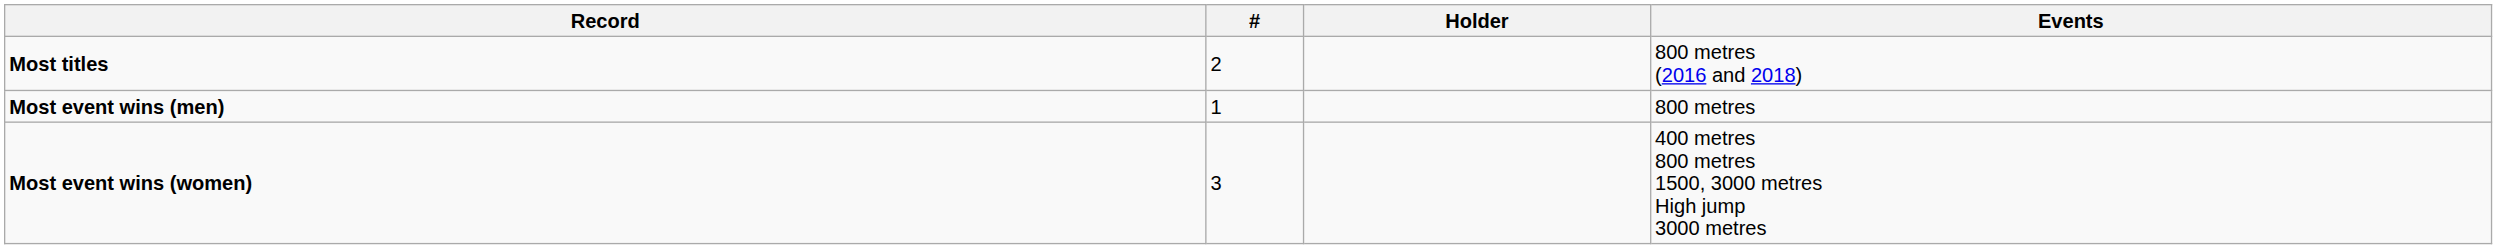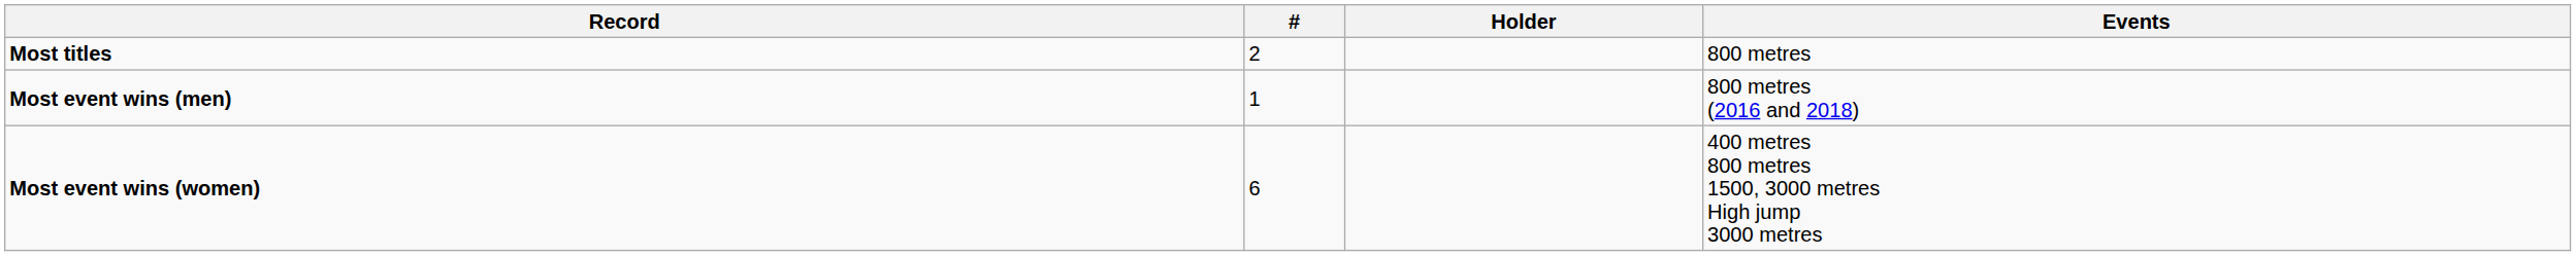 <table class="wikitable" style="font-size:95%; width: 95%">
 <tr>
 <th>Record</th>
 <th>#</th>
 <th>Holder</th>
 <th>Events</th>
 </tr>
 <tr>
 <td style="text-align:left"><strong>Most titles</strong></td>
 <td>2</td>
 <td></td>
-<td>800 metres<br>(<a href='#'>2016</a> and <a href='#'>2018</a>)</td>
+<td>800 metres</td>
 </tr>
 <tr>
 <td style="text-align:left"><strong>Most event wins (men)</strong></td>
 <td>1</td>
 <td></td>
-<td>800 metres</td>
+<td>800 metres<br>(<a href='#'>2016</a> and <a href='#'>2018</a>)</td>
 </tr>
 <tr>
 <td style="text-align:left"><strong>Most event wins (women)</strong></td>
-<td>3</td>
+<td>6</td>
 <td><br><br><br><br></td>
 <td>400 metres<br>800 metres<br>1500, 3000 metres<br>High jump<br>3000 metres</td>
 </tr>
 </table>
